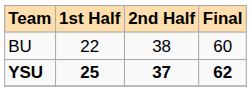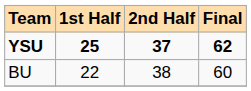 <table class="wikitable" align=right>
 <tr bgcolor=#ffdead align=center>
 <td><strong>Team</strong></td>
 <td><strong>1st Half</strong></td>
 <td><strong>2nd Half</strong></td>
 <td><strong>Final</strong></td>
 </tr>
 <tr>
+<td><strong>YSU</strong></td>
+<td align=center><strong>25</strong></td>
+<td align=center><strong>37</strong></td>
+<td align=center><strong>62</strong></td>
+</tr>
+<tr>
 <td>BU</td>
 <td align=center>22</td>
 <td align=center>38</td>
 <td align=center>60</td>
 </tr>
 <tr>
-<td><strong>YSU</strong></td>
-<td align=center><strong>25</strong></td>
-<td align=center><strong>37</strong></td>
-<td align=center><strong>62</strong></td>
-</tr>
-<tr>
 </tr>
 </table>
